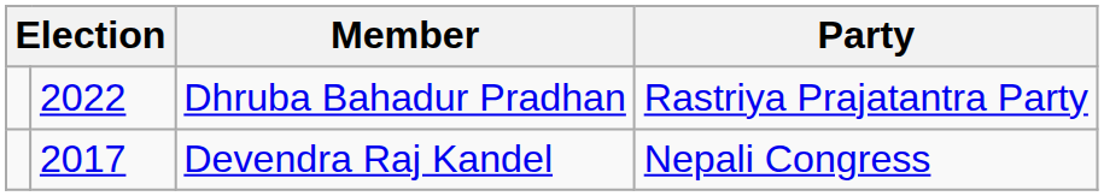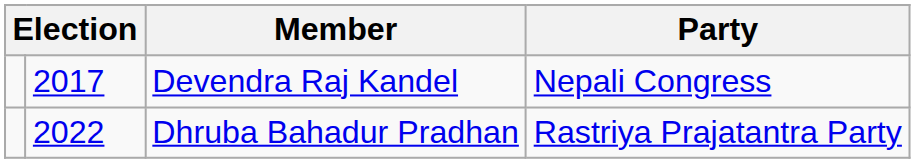 <table class="wikitable">
 <tr>
 <th colspan="2">Election</th>
 <th>Member</th>
 <th>Party</th>
 </tr>
 <tr>
+<td style="background-color:"></td>
+<td><a href='#'>2017</a></td>
+<td><a href='#'>Devendra Raj Kandel</a></td>
+<td><a href='#'>Nepali Congress</a></td>
+</tr>
+<tr>
 <td></td>
 <td><a href='#'>2022</a></td>
 <td><a href='#'>Dhruba Bahadur Pradhan</a></td>
 <td><a href='#'>Rastriya Prajatantra Party</a></td>
 </tr>
-<tr>
-<td style="background-color:"></td>
-<td><a href='#'>2017</a></td>
-<td><a href='#'>Devendra Raj Kandel</a></td>
-<td><a href='#'>Nepali Congress</a></td>
-</tr>
 </table>
